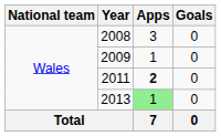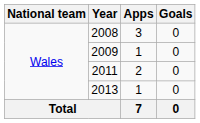 <table class=wikitable style="text-align: center;">
 <tr>
 <th>National team</th>
 <th>Year</th>
 <th>Apps</th>
 <th>Goals</th>
 </tr>
 <tr>
 <td rowspan=4><a href='#'>Wales</a></td>
 <td>2008</td>
 <td>3</td>
 <td>0</td>
 </tr>
 <tr>
 <td>2009</td>
 <td>1</td>
 <td>0</td>
 </tr>
 <tr>
 <td>2011</td>
-<td><strong>2</strong></td>
+<td>2</td>
 <td>0</td>
 </tr>
 <tr>
 <td>2013</td>
-<td style="background: lightgreen;">1</td>
+<td>1</td>
 <td>0</td>
 </tr>
 <tr>
 <th colspan=2>Total</th>
 <th>7</th>
 <th>0</th>
 </tr>
 </table>
